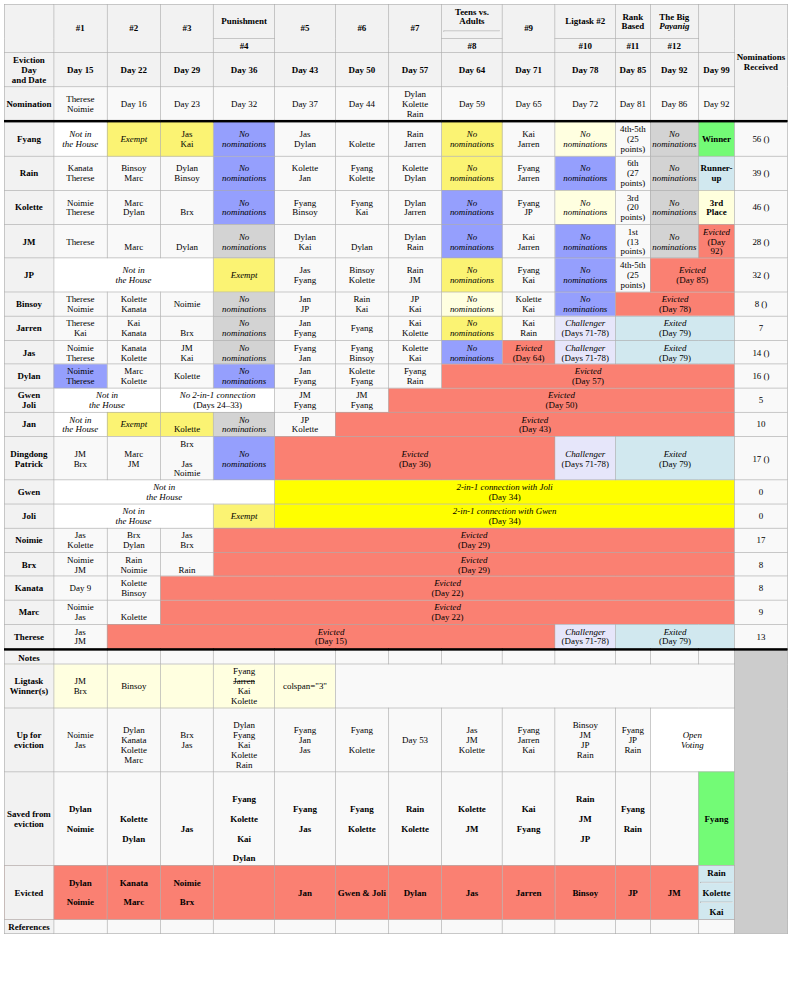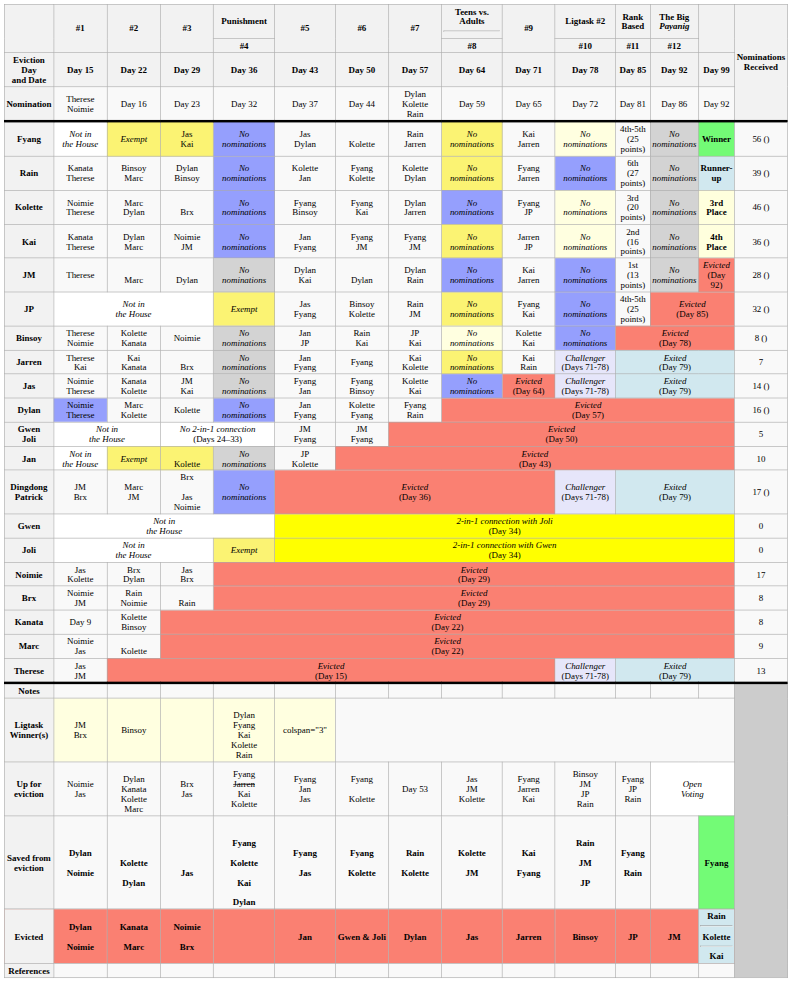 <table class="wikitable" style="width:100%; text-align:center; font-size:90%; line-height:16px;">
 <tr>
 <th rowspan="2" width="5%"></th>
 <th rowspan="2" width="9%">#1</th>
 <th rowspan="2" width="9%">#2</th>
 <th rowspan="2" width="9%">#3</th>
 <th width="9%">Punishment</th>
 <th rowspan="2" width="9%">#5</th>
 <th rowspan="2" width="9%">#6</th>
 <th rowspan="2" width="9%">#7</th>
 <th width="9%">Teens vs.<br>Adults<hr></th>
 <th rowspan="2" width="9%">#9</th>
 <th width="9%">Ligtask #2</th>
 <th width="9%">Rank<br>Based</th>
 <th width="9%">The Big<br><i>Payanig</i></th>
 <th rowspan="2" width="9%"></th>
 <th width="5%" rowspan="4">Nominations<br>Received</th>
 </tr>
 <tr>
 <th>#4</th>
 <th>#8</th>
 <th>#10</th>
 <th width="9%">#11</th>
 <th width="9%">#12</th>
 </tr>
 <tr>
 <th>Eviction Day<br>and Date</th>
 <th>Day 15<br></th>
 <th>Day 22<br></th>
 <th>Day 29<br></th>
 <th>Day 36<br></th>
 <th>Day 43<br></th>
 <th>Day 50<br></th>
 <th>Day 57<br></th>
 <th>Day 64<br></th>
 <th>Day 71<br></th>
 <th>Day 78<br></th>
 <th>Day 85<br></th>
 <th>Day 92<br></th>
 <th>Day 99<br></th>
 </tr>
 <tr>
 <th>Nomination <br></th>
 <td>Therese<br>Noimie</td>
 <td>Day 16<br></td>
 <td>Day 23<br></td>
 <td>Day 32<br></td>
 <td>Day 37<br></td>
 <td>Day 44<br></td>
 <td>Dylan<br>Kolette<br>Rain</td>
 <td>Day 59<br></td>
 <td>Day 65<br></td>
 <td>Day 72<br></td>
 <td>Day 81<br></td>
 <td>Day 86<br></td>
 <td>Day 92<br></td>
 </tr>
 <tr style="border-top: 4px solid;">
 <th>Fyang</th>
 <td style="background:white"><em>Not in<br>the House</em></td>
 <td style="background:#FBF373;"><em>Exempt</em></td>
 <td style="background:#FBF373;">Jas<br>Kai</td>
 <td style="background:#959FFD;"><em>No<br>nominations</em></td>
 <td>Jas<br>Dylan</td>
 <td><br>Kolette</td>
 <td>Rain<br>Jarren</td>
 <td style="background:#FBF373;"><em>No<br>nominations</em></td>
 <td>Kai<br>Jarren</td>
 <td style="background:#FFFFE0;"><em>No<br>nominations</em></td>
 <td>4th-5th<br>(25 points)</td>
 <td style="background:lightgray;"><em>No<br>nominations</em></td>
 <td style="background:#73FB76;"><strong>Winner</strong></td>
 <td>56 ()</td>
 </tr>
 <tr>
 <th>Rain</th>
 <td>Kanata<br>Therese</td>
 <td>Binsoy<br>Marc</td>
 <td>Dylan<br>Binsoy</td>
 <td style="background:#959FFD;"><em>No<br>nominations</em></td>
 <td>Kolette<br>Jan</td>
 <td>Fyang<br>Kolette</td>
 <td>Kolette<br>Dylan</td>
 <td style="background:#FBF373;"><em>No<br>nominations</em></td>
 <td>Fyang<br>Jarren</td>
 <td style="background:#959FFD;"><em>No<br>nominations</em></td>
 <td>6th<br>(27 points)</td>
 <td style="background:lightgray;"><em>No<br>nominations</em></td>
 <td style="background:#D1E8EF;"><strong>Runner-up</strong></td>
 <td>39 ()</td>
 </tr>
 <tr>
 <th>Kolette</th>
 <td>Noimie<br>Therese</td>
 <td>Marc<br>Dylan</td>
 <td><br>Brx</td>
 <td style="background:#959FFD;"><em>No<br>nominations</em></td>
 <td>Fyang<br>Binsoy</td>
 <td>Fyang<br>Kai</td>
 <td>Dylan<br>Jarren</td>
 <td style="background:#959FFD;"><em>No<br>nominations</em></td>
 <td>Fyang<br>JP</td>
 <td style="background:#FFFFE0;"><em>No<br>nominations</em></td>
 <td>3rd<br>(20 points)</td>
 <td style="background:lightgray;"><em>No<br>nominations</em></td>
 <td style="background:#FFFFDD;"><strong>3rd Place</strong></td>
 <td>46 ()</td>
+</tr>
+<tr>
+<th>Kai</th>
+<td>Kanata<br>Therese</td>
+<td>Dylan<br>Marc</td>
+<td>Noimie<br>JM</td>
+<td style="background:#959FFD;"><em>No<br>nominations</em></td>
+<td>Jan<br>Fyang</td>
+<td>Fyang<br>JM</td>
+<td>Fyang<br>JM</td>
+<td style="background:#FBF373;"><em>No<br>nominations</em></td>
+<td>Jarren<br>JP</td>
+<td style="background:#FFFFE0;"><em>No<br>nominations</em></td>
+<td>2nd<br>(16 points)</td>
+<td style="background:lightgray;"><em>No<br>nominations</em></td>
+<td style="background:#FFFFDD;"><strong>4th Place</strong></td>
+<td>36 ()</td>
 </tr>
 <tr>
 <th>JM</th>
 <td>Therese<br></td>
 <td><br>Marc</td>
 <td><br>Dylan</td>
 <td style="background:lightgray;"><em>No<br>nominations</em></td>
 <td>Dylan<br>Kai</td>
 <td><br>Dylan</td>
 <td>Dylan<br>Rain</td>
 <td style="background:#959FFD;"><em>No<br>nominations</em></td>
 <td>Kai<br>Jarren</td>
 <td style="background:#959FFD;"><em>No<br>nominations</em></td>
 <td>1st<br>(13 points)</td>
 <td style="background:lightgray;"><em>No<br>nominations</em></td>
 <td style="background:#FA8072"><em>Evicted</em><br>(Day 92)</td>
 <td>28 ()</td>
 </tr>
 <tr>
 <th>JP</th>
 <td colspan="3"; style="background:white"><em>Not in <br>the House</em></td>
 <td style="background:#FBF373;"><em>Exempt</em></td>
 <td>Jas<br>Fyang</td>
 <td>Binsoy<br>Kolette</td>
 <td>Rain<br>JM</td>
 <td style="background:#FBF373;"><em>No<br>nominations</em></td>
 <td>Fyang<br>Kai</td>
 <td style="background:#959FFD;"><em>No<br>nominations</em></td>
 <td>4th-5th<br>(25 points)</td>
 <td colspan="2" style="background:#FA8072"><em>Evicted</em><br>(Day 85)</td>
 <td>32 ()</td>
 </tr>
 <tr>
 <th>Binsoy</th>
 <td>Therese<br>Noimie</td>
 <td>Kolette<br>Kanata</td>
 <td>Noimie<br></td>
 <td style="background:lightgray;"><em>No<br>nominations</em></td>
 <td>Jan<br>JP</td>
 <td>Rain<br>Kai</td>
 <td>JP<br>Kai</td>
 <td style="background:#FFFFE0;"><em>No<br>nominations</em></td>
 <td>Kolette<br>Kai</td>
 <td style="background:#959FFD;"><em>No<br>nominations</em></td>
 <td colspan="3" style="background:#FA8072"><em>Evicted</em><br>(Day 78)</td>
 <td>8 ()</td>
 </tr>
 <tr>
 <th>Jarren</th>
 <td>Therese<br>Kai</td>
 <td>Kai<br>Kanata</td>
 <td><br>Brx</td>
 <td style="background:lightgray;"><em>No<br>nominations</em></td>
 <td>Jan<br>Fyang</td>
 <td>Fyang<br></td>
 <td>Kai<br>Kolette</td>
 <td style="background:#FBF373;"><em>No<br>nominations</em></td>
 <td>Kai<br>Rain</td>
 <td style="background:#E6E6FA;"><em>Challenger</em><br>(Days 71-78)</td>
 <td colspan="3" style="background:#D1E8EF"><em>Exited</em><br>(Day 79)</td>
 <td>7</td>
 </tr>
 <tr>
 <th>Jas</th>
 <td>Noimie<br>Therese</td>
 <td>Kanata<br>Kolette</td>
 <td>JM<br>Kai</td>
 <td style="background:lightgray;"><em>No<br>nominations</em></td>
 <td>Fyang<br>Jan</td>
 <td>Fyang<br>Binsoy</td>
 <td>Kolette<br>Kai</td>
 <td style="background:#959FFD;"><em>No<br>nominations</em></td>
 <td style="background:#FA8072"><em>Evicted</em><br>(Day 64)</td>
 <td style="background:#E6E6FA;"><em>Challenger</em><br>(Days 71-78)</td>
 <td colspan="3" style="background:#D1E8EF"><em>Exited</em><br>(Day 79)</td>
 <td>14 ()</td>
 </tr>
 <tr>
 <th>Dylan</th>
 <td style="background:#959FFD;">Noimie<br>Therese</td>
 <td>Marc<br>Kolette</td>
 <td>Kolette<br></td>
 <td style="background:#959FFD;"><em>No<br>nominations</em></td>
 <td>Jan<br>Fyang</td>
 <td>Kolette<br>Fyang</td>
 <td>Fyang<br>Rain</td>
 <td colspan="6" style="background:#FA8072"><em>Evicted</em><br>(Day 57)</td>
 <td>16 ()</td>
 </tr>
 <tr>
 <th>Gwen<br>Joli</th>
 <td colspan="2"; style="background:white"><em>Not in<br>the House</em></td>
 <td colspan="2"; style="background:white"><em>No 2-in-1 connection</em><br>(Days 24–33)</td>
 <td>JM<br>Fyang</td>
 <td>JM<br>Fyang</td>
 <td colspan="7" style="background:#FA8072"><em>Evicted</em><br>(Day 50)</td>
 <td>5</td>
 </tr>
 <tr>
 <th>Jan</th>
 <td style="background:white"><em>Not in<br>the House</em></td>
 <td style="background:#FBF373;"><em>Exempt</em></td>
 <td style="background:#FBF373;"><br>Kolette</td>
 <td style="background:lightgray;"><em>No<br>nominations</em></td>
 <td>JP<br>Kolette</td>
 <td colspan="8" style="background:#FA8072"><em>Evicted</em><br>(Day 43)</td>
 <td>10</td>
 </tr>
 <tr>
 <th>Dingdong<br>Patrick</th>
 <td>JM<br>Brx</td>
 <td>Marc<br>JM</td>
 <td>Brx<br><br>Jas<br>Noimie</td>
 <td style="background:#959FFD;"><em>No<br>nominations</em></td>
 <td colspan="5" style="background:#FA8072"><em>Evicted</em><br>(Day 36)</td>
 <td style="background:#E6E6FA;"><em>Challenger</em><br>(Days 71-78)</td>
 <td colspan="3" style="background:#D1E8EF"><em>Exited</em><br>(Day 79)</td>
 <td>17 ()</td>
 </tr>
 <tr>
 <th>Gwen</th>
 <td colspan="4" style="background:white" ;><em>Not in <br>the House</em></td>
 <td colspan="9" style="background:yellow;"><em>2-in-1 connection with Joli</em><br>(Day 34)</td>
 <td>0</td>
 </tr>
 <tr>
 <th>Joli</th>
 <td colspan="3" style="background:white" ;><em>Not in <br>the House</em></td>
 <td style="background:#FBF373;"><em>Exempt</em></td>
 <td colspan="9" style="background:yellow;"><em>2-in-1 connection with Gwen</em><br>(Day 34)</td>
 <td>0</td>
 </tr>
 <tr>
 <th>Noimie</th>
 <td>Jas<br>Kolette</td>
 <td>Brx<br>Dylan</td>
 <td>Jas<br>Brx</td>
 <td colspan="10" style="background:#FA8072"><em>Evicted</em><br>(Day 29)</td>
 <td>17</td>
 </tr>
 <tr>
 <th>Brx</th>
 <td>Noimie<br>JM</td>
 <td>Rain<br>Noimie</td>
 <td><br>Rain</td>
 <td colspan="10" style="background:#FA8072"><em>Evicted</em><br>(Day 29)</td>
 <td>8</td>
 </tr>
 <tr>
 <th>Kanata</th>
 <td>Day 9<br></td>
 <td>Kolette<br>Binsoy</td>
 <td colspan="11" style="background:#FA8072"><em>Evicted</em><br>(Day 22)</td>
 <td>8</td>
 </tr>
 <tr>
 <th>Marc</th>
 <td>Noimie<br>Jas</td>
 <td><br>Kolette</td>
 <td colspan="11" style="background:#FA8072"><em>Evicted</em><br>(Day 22)</td>
 <td>9</td>
 </tr>
 <tr>
 <th>Therese</th>
 <td>Jas<br>JM</td>
 <td colspan="8" style="background:#FA8072"><em>Evicted</em><br>(Day 15)</td>
 <td style="background:#E6E6FA;"><em>Challenger</em><br>(Days 71-78)</td>
 <td colspan="3" style="background:#D1E8EF"><em>Exited</em><br>(Day 79)</td>
 <td>13</td>
 </tr>
 <tr style="border-top: 4px solid;">
 <th>Notes</th>
 <td></td>
 <td> </td>
 <td> </td>
 <td>  </td>
 <td> </td>
 <td></td>
 <td></td>
 <td>  </td>
 <td></td>
 <td> </td>
 <td></td>
 <td> </td>
 <td></td>
 <td rowspan="10" style="background:#CCCCCC"></td>
 </tr>
 <tr style="background:#FFFFE0;">
 <th>Ligtask<br>Winner(s)</th>
 <td>JM<br>Brx</td>
 <td>Binsoy</td>
 <td></td>
-<td>Fyang<br><s>Jarren</s><br>Kai<br>Kolette</td>
+<td><br>Dylan<br>Fyang<br>Kai<br>Kolette<br>Rain</td>
 <td>colspan="3" </td>
 </tr>
 <tr>
 <th>Up for<br>eviction</th>
 <td>Noimie<br>Jas</td>
 <td><br>Dylan<br>Kanata<br>Kolette<br>Marc</td>
 <td>Brx<br>Jas</td>
-<td><br>Dylan<br>Fyang<br>Kai<br>Kolette<br>Rain</td>
+<td>Fyang<br><s>Jarren</s><br>Kai<br>Kolette</td>
 <td>Fyang<br>Jan<br>Jas</td>
 <td>Fyang<br><br>Kolette</td>
 <td>Day 53<br></td>
 <td>Jas<br>JM<br>Kolette</td>
 <td>Fyang<br>Jarren<br>Kai</td>
 <td>Binsoy<br>JM<br>JP<br>Rain</td>
 <td>Fyang<br>JP<br>Rain</td>
 <td colspan="2" style="background:white;"><em>Open<br>Voting</em></td>
 </tr>
 <tr>
 <th>Saved from<br>eviction</th>
 <td><strong>Dylan</strong><br><br><strong>Noimie</strong><br></td>
 <td><strong></strong><br><br><strong>Kolette</strong><br><br><strong>Dylan</strong><br></td>
 <td><strong></strong><br><br><strong>Jas</strong><br></td>
 <td><strong></strong><br><br><strong>Fyang</strong><br><br><strong>Kolette</strong><br><br><strong>Kai</strong><br><br><strong>Dylan</strong><br></td>
 <td><strong>Fyang</strong><br><br><strong>Jas</strong><br></td>
 <td><strong>Fyang</strong><br><br><strong>Kolette</strong><br></td>
 <td><strong>Rain</strong><br><br><strong>Kolette</strong><br></td>
 <td><strong>Kolette</strong><br><br><strong>JM</strong><br></td>
 <td><strong>Kai</strong><br><br><strong>Fyang</strong><br></td>
 <td><strong>Rain</strong><br><br><strong>JM</strong><br><br><strong>JP</strong><br></td>
 <td><strong>Fyang</strong><br><br><strong>Rain</strong><br></td>
 <td></td>
 <td style="background:#73FB76"><strong>Fyang</strong><br></td>
 </tr>
 <tr style="background:#FA8072">
 <th>Evicted</th>
 <td><strong>Dylan</strong><br><br><strong>Noimie</strong><br></td>
 <td><strong>Kanata</strong><br><br><strong>Marc</strong><br></td>
 <td><strong>Noimie</strong><br><br><strong>Brx</strong><br></td>
 <td><strong></strong><br></td>
 <td><strong>Jan</strong><br></td>
 <td><strong>Gwen & Joli</strong><br></td>
 <td><strong>Dylan</strong><br></td>
 <td><strong>Jas</strong><br></td>
 <td><strong>Jarren</strong><br></td>
 <td><strong>Binsoy</strong><br></td>
 <td><strong>JP</strong><br></td>
 <td><strong>JM</strong><br></td>
 <td style="background:#D1E8EF;"><strong>Rain</strong><br><hr><strong>Kolette</strong><br><hr><strong>Kai</strong><br></td>
 </tr>
 <tr>
 <th>References</th>
 <td></td>
 <td></td>
 <td></td>
 <td></td>
 <td></td>
 <td></td>
 <td></td>
 <td></td>
 <td></td>
 <td></td>
 <td></td>
 <td></td>
 <td></td>
 </tr>
 </table>
